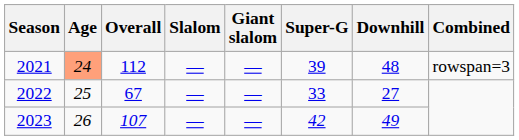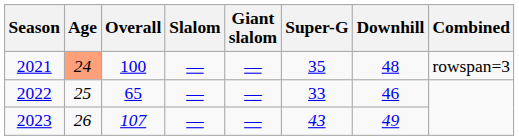 <table class=wikitable style="text-align:center">
 <tr>
 <th>Season</th>
 <th>Age</th>
 <th>Overall</th>
 <th>Slalom</th>
 <th>Giant<br>slalom</th>
 <th>Super-G</th>
 <th>Downhill</th>
 <th>Combined</th>
 </tr>
 <tr>
 <td><a href='#'>2021</a></td>
 <td style="background: lightsalmon;"><em>24</em></td>
-<td><a href='#'>112</a></td>
+<td><a href='#'>100</a></td>
 <td><a href='#'>—</a></td>
 <td><a href='#'>—</a></td>
-<td><a href='#'>39</a></td>
+<td><a href='#'>35</a></td>
 <td><a href='#'>48</a></td>
 <td>rowspan=3 </td>
 </tr>
 <tr>
 <td><a href='#'>2022</a></td>
 <td><em>25</em></td>
-<td><a href='#'>67</a></td>
+<td><a href='#'>65</a></td>
 <td><a href='#'>—</a></td>
 <td><a href='#'>—</a></td>
 <td><a href='#'>33</a></td>
-<td><a href='#'>27</a></td>
+<td><a href='#'>46</a></td>
 </tr>
 <tr>
 <td><a href='#'>2023</a></td>
 <td><em>26</em></td>
 <td><em><a href='#'>107</a></em></td>
 <td><a href='#'>—</a></td>
 <td><a href='#'>—</a></td>
-<td><em><a href='#'>42</a></em></td>
+<td><em><a href='#'>43</a></em></td>
 <td><em><a href='#'>49</a></em></td>
 </tr>
 </table>
